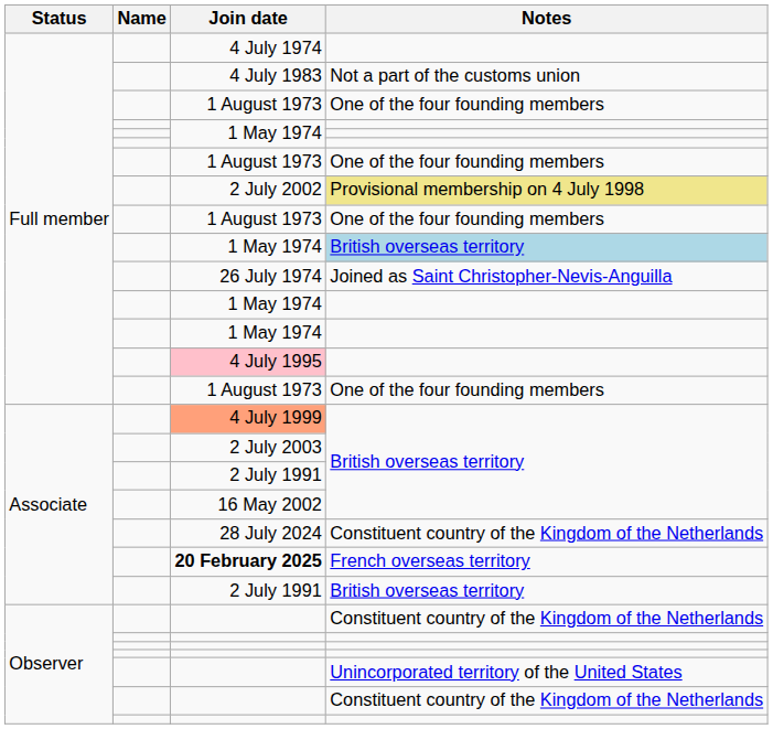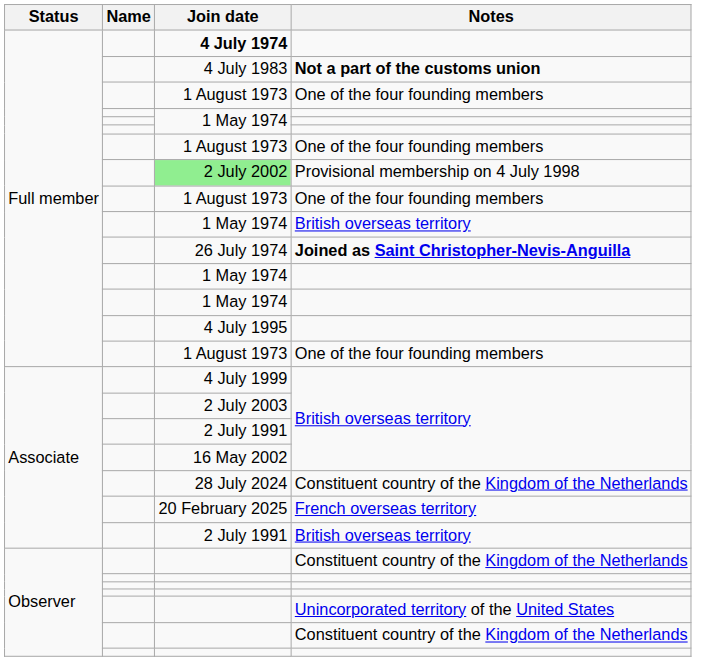 <table class="wikitable sortable">
 <tr>
 <th>Status</th>
 <th>Name</th>
 <th>Join date</th>
 <th>Notes</th>
 </tr>
 <tr>
 <td rowspan=15>Full member</td>
 <td></td>
-<td style="text-align:right;">4 July 1974</td>
+<td style="text-align:right;"><strong>4 July 1974</strong></td>
 <td></td>
 </tr>
 <tr>
 <td></td>
 <td style="text-align:right;">4 July 1983</td>
-<td>Not a part of the customs union</td>
+<td><strong>Not a part of the customs union</strong></td>
 </tr>
 <tr>
 <td></td>
 <td style="text-align:right;">1 August 1973</td>
 <td>One of the four founding members</td>
 </tr>
 <tr>
 <td></td>
 <td rowspan="3" style="text-align:right;">1 May 1974</td>
 <td></td>
 </tr>
 <tr>
 <td></td>
 <td></td>
 </tr>
 <tr>
 <td></td>
 <td></td>
 </tr>
 <tr>
 <td></td>
 <td style="text-align:right;">1 August 1973</td>
 <td>One of the four founding members</td>
 </tr>
 <tr>
 <td></td>
-<td style="text-align:right;">2 July 2002</td>
-<td style="background: khaki;">Provisional membership on 4 July 1998</td>
+<td style="background: lightgreen; text-align:right;">2 July 2002</td>
+<td>Provisional membership on 4 July 1998</td>
 </tr>
 <tr>
 <td></td>
 <td style="text-align:right;">1 August 1973</td>
 <td>One of the four founding members</td>
 </tr>
 <tr>
 <td></td>
 <td style="text-align:right;">1 May 1974</td>
-<td style="background: lightblue;"><a href='#'>British overseas territory</a></td>
+<td><a href='#'>British overseas territory</a></td>
 </tr>
 <tr>
 <td></td>
 <td style="text-align:right;">26 July 1974</td>
-<td>Joined as <a href='#'>Saint Christopher-Nevis-Anguilla</a></td>
+<td><strong>Joined as <a href='#'>Saint Christopher-Nevis-Anguilla</a></strong></td>
 </tr>
 <tr>
 <td></td>
 <td style="text-align:right;">1 May 1974</td>
 <td></td>
 </tr>
 <tr>
 <td></td>
 <td style="text-align:right;">1 May 1974</td>
 <td></td>
 </tr>
 <tr>
 <td></td>
-<td style="background: pink; text-align:right;">4 July 1995</td>
+<td style="text-align:right;">4 July 1995</td>
 <td></td>
 </tr>
 <tr>
 <td></td>
 <td style="text-align:right;">1 August 1973</td>
 <td>One of the four founding members</td>
 </tr>
 <tr>
 <td rowspan=7>Associate</td>
 <td></td>
-<td style="background: lightsalmon; text-align:right;">4 July 1999</td>
+<td style="text-align:right;">4 July 1999</td>
 <td rowspan="4"><a href='#'>British overseas territory</a></td>
 </tr>
 <tr>
 <td></td>
 <td style="text-align:right;">2 July 2003</td>
 </tr>
 <tr>
 <td></td>
 <td style="text-align:right;">2 July 1991</td>
 </tr>
 <tr>
 <td></td>
 <td style="text-align:right;">16 May 2002</td>
 </tr>
 <tr>
 <td></td>
 <td style="text-align:right;">28 July 2024</td>
 <td>Constituent country of the <a href='#'>Kingdom of the Netherlands</a></td>
 </tr>
 <tr>
 <td></td>
-<td style="text-align:right;"><strong>20 February 2025</strong></td>
+<td style="text-align:right;">20 February 2025</td>
 <td><a href='#'>French overseas territory</a></td>
 </tr>
 <tr>
 <td></td>
 <td style="text-align:right;">2 July 1991</td>
 <td><a href='#'>British overseas territory</a></td>
 </tr>
 <tr>
 <td rowspan="7">Observer</td>
 <td></td>
 <td></td>
 <td>Constituent country of the <a href='#'>Kingdom of the Netherlands</a></td>
 </tr>
 <tr>
 <td></td>
 <td></td>
 <td></td>
 </tr>
 <tr>
 <td></td>
 <td></td>
 <td></td>
 </tr>
 <tr>
 <td></td>
 <td></td>
 <td></td>
 </tr>
 <tr>
 <td></td>
 <td></td>
 <td><a href='#'>Unincorporated territory</a> of the <a href='#'>United States</a></td>
 </tr>
 <tr>
 <td></td>
 <td></td>
 <td>Constituent country of the <a href='#'>Kingdom of the Netherlands</a></td>
 </tr>
 <tr>
 <td></td>
 <td></td>
 <td></td>
 </tr>
 </table>
